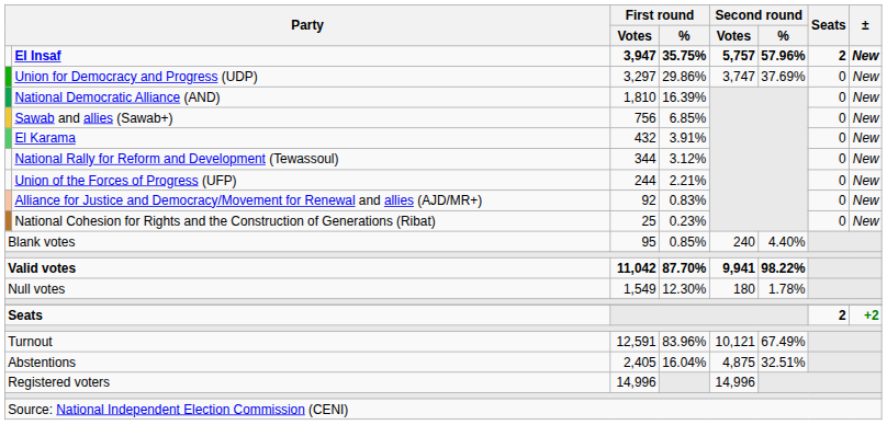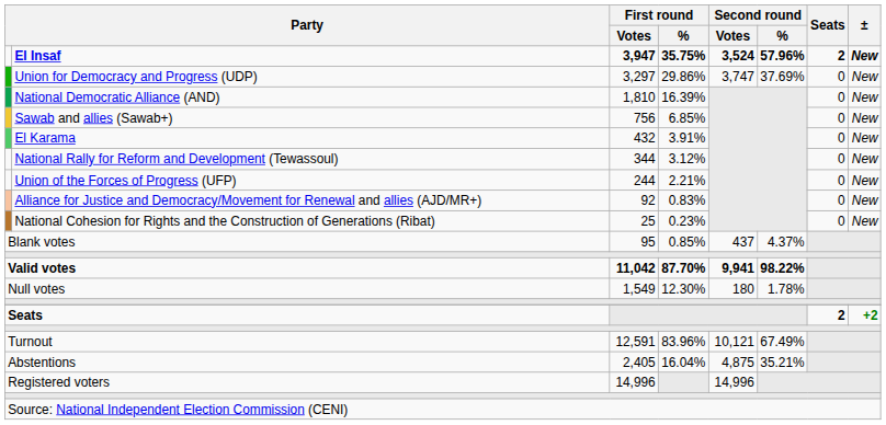 <table class="wikitable" style="text-align:right;font-size:95%;">
 <tr>
 <th rowspan="2" colspan="2" width="700">Party</th>
 <th colspan="2">First round</th>
 <th colspan="2">Second round</th>
 <th rowspan="2" width="25">Seats</th>
 <th rowspan="2" width="20">±</th>
 </tr>
 <tr>
 <th width="50">Votes</th>
 <th width="50">%</th>
 <th width="50">Votes</th>
 <th width="50">%</th>
 </tr>
 <tr>
 <td width="1" style="color:inherit;background:"></td>
 <td style="text-align:left;"><strong><a href='#'>El Insaf</a></strong></td>
 <td><strong>3,947</strong></td>
 <td><strong>35.75%</strong></td>
-<td><strong>5,757</strong></td>
+<td><strong>3,524</strong></td>
 <td><strong>57.96%</strong></td>
 <td><strong>2</strong></td>
 <td><strong><em>New</em></strong></td>
 </tr>
 <tr>
 <td width="1" style="color:inherit;background:#0FAF05;"></td>
 <td style="text-align:left;"><a href='#'>Union for Democracy and Progress</a> (UDP)</td>
 <td>3,297</td>
 <td>29.86%</td>
 <td>3,747</td>
 <td>37.69%</td>
 <td>0</td>
 <td><em>New</em></td>
 </tr>
 <tr>
 <td width="1" style="color:inherit;background:#0AA450;"></td>
 <td style="text-align:left;"><a href='#'>National Democratic Alliance</a> (AND)</td>
 <td>1,810</td>
 <td>16.39%</td>
 <td colspan="2" rowspan="7" style="background:#E9E9E9;"></td>
 <td>0</td>
 <td><em>New</em></td>
 </tr>
 <tr>
 <td width="1" style="color:inherit;background:#F0C832;"></td>
 <td style="text-align:left;"><a href='#'>Sawab</a> and <a href='#'>allies</a> (Sawab+)</td>
 <td>756</td>
 <td>6.85%</td>
 <td>0</td>
 <td><em>New</em></td>
 </tr>
 <tr>
 <td width="1" style="color:inherit;background:#4FCB68;"></td>
 <td style="text-align:left;"><a href='#'>El Karama</a></td>
 <td>432</td>
 <td>3.91%</td>
 <td>0</td>
 <td><em>New</em></td>
 </tr>
 <tr>
 <td width="1" style="color:inherit;background:"></td>
 <td style="text-align:left;"><a href='#'>National Rally for Reform and Development</a> (Tewassoul)</td>
 <td>344</td>
 <td>3.12%</td>
 <td>0</td>
 <td><em>New</em></td>
 </tr>
 <tr>
 <td width="1" style="color:inherit;background:"></td>
 <td style="text-align:left;"><a href='#'>Union of the Forces of Progress</a> (UFP)</td>
 <td>244</td>
 <td>2.21%</td>
 <td>0</td>
 <td><em>New</em></td>
 </tr>
 <tr>
 <td width="1" style="color:inherit;background:#F8C3A0;"></td>
 <td style="text-align:left;"><a href='#'>Alliance for Justice and Democracy/Movement for Renewal</a> and <a href='#'>allies</a> (AJD/MR+)</td>
 <td>92</td>
 <td>0.83%</td>
 <td>0</td>
 <td><em>New</em></td>
 </tr>
 <tr>
 <td width="1" style="color:inherit;background:#B7752C;"></td>
 <td style="text-align:left;">National Cohesion for Rights and the Construction of Generations (Ribat)</td>
 <td>25</td>
 <td>0.23%</td>
 <td>0</td>
 <td><em>New</em></td>
 </tr>
 <tr>
 <td colspan="2" style="text-align:left;">Blank votes</td>
 <td>95</td>
 <td>0.85%</td>
-<td>240</td>
-<td>4.40%</td>
+<td>437</td>
+<td>4.37%</td>
 <td colspan="2" style="background:#E9E9E9;"></td>
 </tr>
 <tr>
 <td colspan="8" style="background:#E9E9E9;"></td>
 </tr>
 <tr style="font-weight:bold;">
 <td colspan="2" style="text-align:left;">Valid votes</td>
 <td>11,042</td>
 <td>87.70%</td>
 <td>9,941</td>
 <td>98.22%</td>
 <td colspan="2" style="background:#E9E9E9;"></td>
 </tr>
 <tr>
 <td colspan="2" style="text-align:left;">Null votes</td>
 <td>1,549</td>
 <td>12.30%</td>
 <td>180</td>
 <td>1.78%</td>
 <td colspan="2" style="background:#E9E9E9;"></td>
 </tr>
 <tr>
 <td colspan="8" style="background:#E9E9E9;"></td>
 </tr>
 <tr>
 </tr>
 <tr style="font-weight:bold;">
 <td colspan="2" style="text-align:left;">Seats</td>
 <td colspan="4" style="background:#E9E9E9;"></td>
 <td>2</td>
 <td style="color:green;">+2</td>
 </tr>
 <tr>
 <td colspan="8" style="background:#E9E9E9;"></td>
 </tr>
 <tr>
 <td colspan="2" style="text-align:left;">Turnout</td>
 <td>12,591</td>
 <td>83.96%</td>
 <td>10,121</td>
 <td>67.49%</td>
 <td colspan="2" style="background:#E9E9E9;"></td>
 </tr>
 <tr>
 <td colspan="2" style="text-align:left;">Abstentions</td>
 <td>2,405</td>
 <td>16.04%</td>
 <td>4,875</td>
-<td>32.51%</td>
+<td>35.21%</td>
 <td colspan="2" style="background:#E9E9E9;"></td>
 </tr>
 <tr>
 <td colspan="2" style="text-align:left;">Registered voters</td>
 <td>14,996</td>
 <td style="color:inherit;background:#E9E9E9;"></td>
 <td>14,996</td>
 <td colspan="3" style="background:#E9E9E9;"></td>
 </tr>
 <tr>
 <td colspan="8" style="background:#E9E9E9;"></td>
 </tr>
 <tr>
 <td colspan="8" style="text-align:left;">Source: <a href='#'>National Independent Election Commission</a> (CENI)</td>
 </tr>
 </table>
